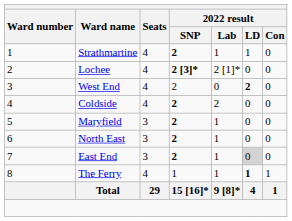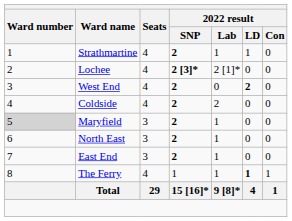 <table class="wikitable sortable" style="margin-left: auto; margin-right: auto; border: none;">
 <tr>
 <th colspan="7"></th>
 </tr>
 <tr>
 <th rowspan="2">Ward number</th>
 <th rowspan="2">Ward name</th>
 <th rowspan="2">Seats</th>
 <th colspan="4">2022 result</th>
 </tr>
 <tr>
 <th>SNP</th>
 <th>Lab</th>
 <th>LD</th>
 <th>Con</th>
 </tr>
 <tr>
 <td>1</td>
 <td><a href='#'>Strathmartine</a></td>
 <td>4</td>
 <td style="background:"><strong>2</strong></td>
 <td>1</td>
 <td>1</td>
 <td>0</td>
 </tr>
 <tr>
 <td>2</td>
 <td><a href='#'>Lochee</a></td>
 <td>4</td>
 <td style="background:"><strong>2 [3]*</strong></td>
 <td>2 [1]*</td>
 <td>0</td>
 <td>0</td>
 </tr>
 <tr>
 <td>3</td>
 <td><a href='#'>West End</a></td>
 <td>4</td>
-<td>2</td>
+<td><strong>2</strong></td>
 <td>0</td>
 <td style="background:"><strong>2</strong></td>
 <td>0</td>
 </tr>
 <tr>
 <td>4</td>
 <td><a href='#'>Coldside</a></td>
 <td>4</td>
 <td style="background:"><strong>2</strong></td>
 <td>2</td>
 <td>0</td>
 <td>0</td>
 </tr>
 <tr>
-<td>5</td>
+<td style="background: lightgrey;">5</td>
 <td><a href='#'>Maryfield</a></td>
 <td>3</td>
 <td style="background:"><strong>2</strong></td>
 <td>1</td>
 <td>0</td>
 <td>0</td>
 </tr>
 <tr>
 <td>6</td>
 <td><a href='#'>North East</a></td>
 <td>3</td>
 <td style="background:"><strong>2</strong></td>
 <td>1</td>
 <td>0</td>
 <td>0</td>
 </tr>
 <tr>
 <td>7</td>
 <td><a href='#'>East End</a></td>
 <td>3</td>
 <td style="background:"><strong>2</strong></td>
 <td>1</td>
-<td style="background: lightgrey;">0</td>
+<td>0</td>
 <td>0</td>
 </tr>
 <tr>
 <td>8</td>
 <td><a href='#'>The Ferry</a></td>
 <td>4</td>
 <td>1</td>
 <td>1</td>
 <td style="background:"><strong>1</strong></td>
 <td>1</td>
 </tr>
 <tr>
 <th></th>
 <th>Total</th>
 <th>29</th>
 <th>15 [16]*</th>
 <th>9 [8]*</th>
 <th>4</th>
 <th>1</th>
 </tr>
 <tr>
 <td colspan="7"><br></td>
 </tr>
 </table>
